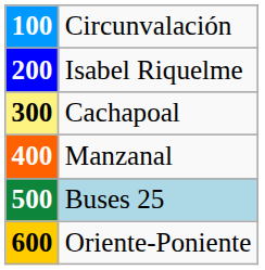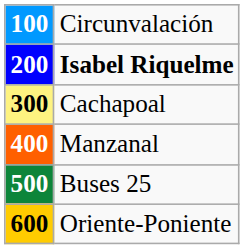 <table class="wikitable">
 <tr>
 <td bgcolor="#0099ff" style="color:white;"><strong>100</strong></td>
 <td>Circunvalación</td>
 </tr>
 <tr>
 <td bgcolor="#0000ff" style="color:white;"><strong>200</strong></td>
-<td>Isabel Riquelme</td>
+<td><strong>Isabel Riquelme</strong></td>
 </tr>
 <tr>
 <td bgcolor="#fef380" style="color:black;"><strong>300</strong></td>
 <td>Cachapoal</td>
 </tr>
 <tr>
 <td bgcolor="#ff6600;" style="color:white;"><strong>400</strong></td>
 <td>Manzanal</td>
 </tr>
 <tr>
 <td bgcolor="#0d853a" style="color:white;"><strong>500</strong></td>
-<td style="background: lightblue;">Buses 25</td>
+<td>Buses 25</td>
 </tr>
 <tr>
 <td bgcolor="#ffcc00" style="color:black;"><strong>600</strong></td>
 <td>Oriente-Poniente</td>
 </tr>
 </table>
